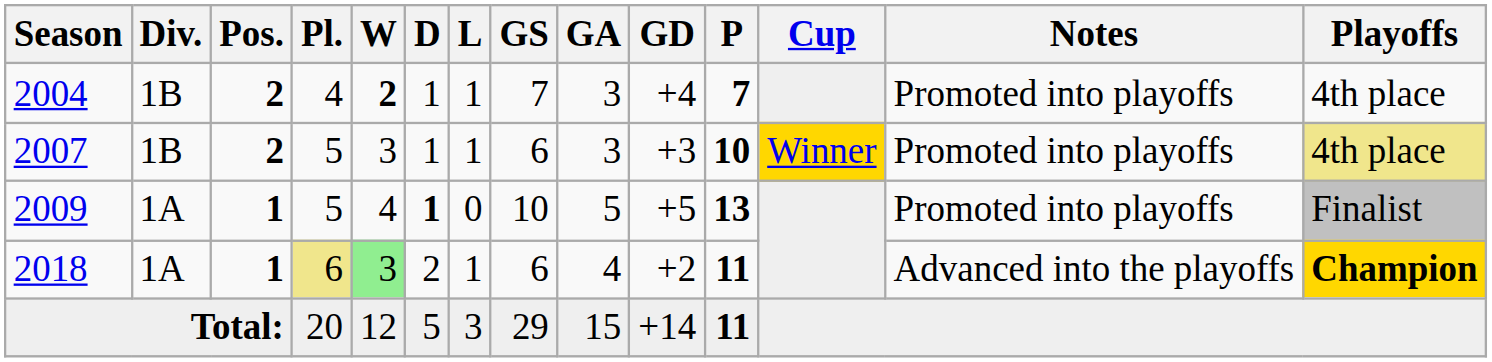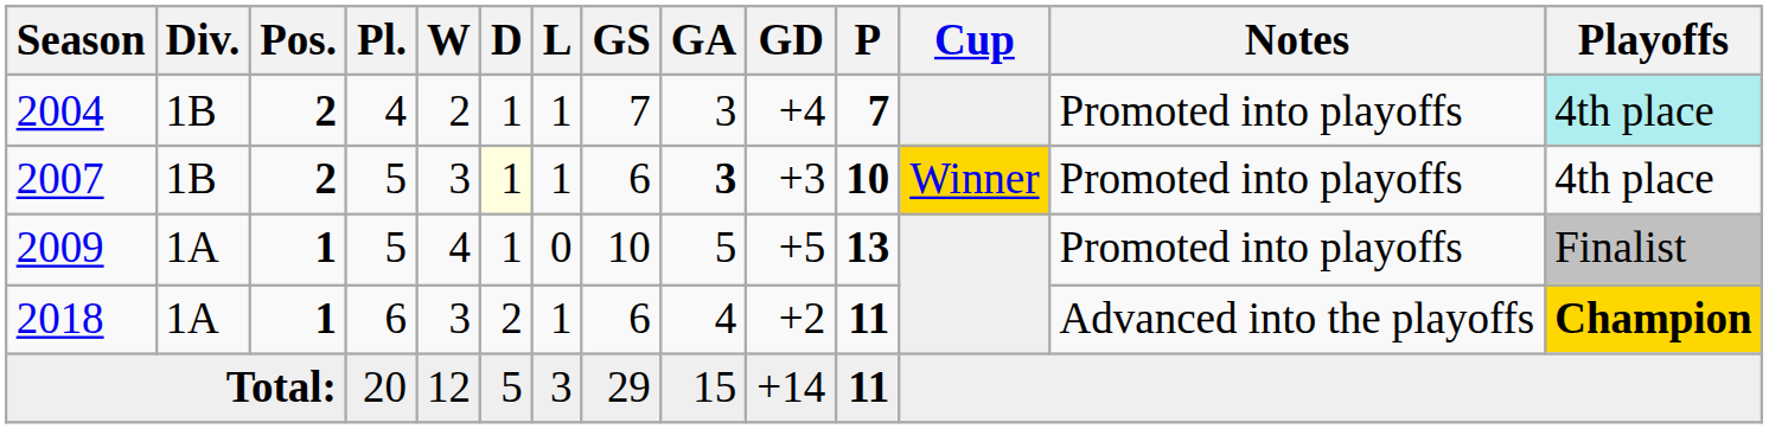 <table class="wikitable">
 <tr style="background:#efefef;">
 <th>Season</th>
 <th>Div.</th>
 <th>Pos.</th>
 <th>Pl.</th>
 <th>W</th>
 <th>D</th>
 <th>L</th>
 <th>GS</th>
 <th>GA</th>
 <th>GD</th>
 <th>P</th>
 <th><a href='#'>Cup</a></th>
 <th>Notes</th>
 <th>Playoffs</th>
 </tr>
 <tr>
 <td><a href='#'>2004</a></td>
 <td>1B</td>
 <td align=right><strong>2</strong></td>
 <td align=right>4</td>
-<td align=right><strong>2</strong></td>
+<td align=right>2</td>
 <td align=right>1</td>
 <td align=right>1</td>
 <td align=right>7</td>
 <td align=right>3</td>
 <td align=right>+4</td>
 <td align=right><strong>7</strong></td>
 <td bgcolor=#EFEFEF></td>
 <td>Promoted into playoffs</td>
-<td>4th place</td>
+<td style="background: paleturquoise;">4th place</td>
 </tr>
 <tr>
 <td><a href='#'>2007</a></td>
 <td>1B</td>
 <td align=right><strong>2</strong></td>
 <td align=right>5</td>
 <td align=right>3</td>
-<td align=right>1</td>
+<td align=right style="background: lightyellow;">1</td>
 <td align=right>1</td>
 <td align=right>6</td>
-<td align=right>3</td>
+<td align=right><strong>3</strong></td>
 <td align=right>+3</td>
 <td align=right><strong>10</strong></td>
 <td bgcolor=gold><a href='#'>Winner</a></td>
 <td>Promoted into playoffs</td>
-<td style="background: khaki;">4th place</td>
+<td>4th place</td>
 </tr>
 <tr>
 <td><a href='#'>2009</a></td>
 <td>1A</td>
 <td align=right><strong>1</strong></td>
 <td align=right>5</td>
 <td align=right>4</td>
-<td align=right><strong>1</strong></td>
+<td align=right>1</td>
 <td align=right>0</td>
 <td align=right>10</td>
 <td align=right>5</td>
 <td align=right>+5</td>
 <td align=right><strong>13</strong></td>
 <td rowspan=2 bgcolor=#EFEFEF></td>
 <td>Promoted into playoffs</td>
 <td bgcolor=silver>Finalist</td>
 </tr>
 <tr>
 <td><a href='#'>2018</a></td>
 <td>1A</td>
 <td align=right><strong>1</strong></td>
-<td align=right style="background: khaki;">6</td>
-<td align=right style="background: lightgreen;">3</td>
+<td align=right>6</td>
+<td align=right>3</td>
 <td align=right>2</td>
 <td align=right>1</td>
 <td align=right>6</td>
 <td align=right>4</td>
 <td align=right>+2</td>
 <td align=right><strong>11</strong></td>
 <td>Advanced into the playoffs</td>
 <td bgcolor=gold><strong>Champion</strong></td>
 </tr>
 <tr style="background:#efefef">
 <td align=right colspan=3><strong>Total:</strong></td>
 <td align=right>20</td>
 <td align=right>12</td>
 <td align=right>5</td>
 <td align=right>3</td>
 <td align=right>29</td>
 <td align=right>15</td>
 <td align=right>+14</td>
 <td align=right><strong>11</strong></td>
 <td colspan=3 bgcolor=#efefef></td>
 </tr>
 </table>
